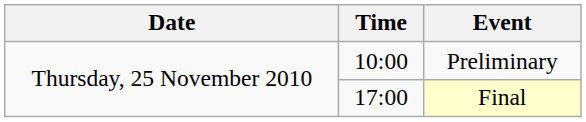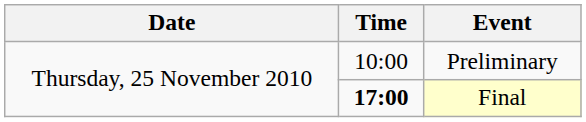 <table class = "wikitable" style="text-align:center;">
 <tr>
 <th width=220>Date</th>
 <th width=50>Time</th>
 <th width=100>Event</th>
 </tr>
 <tr>
 <td rowspan=2>Thursday, 25 November 2010</td>
 <td>10:00</td>
 <td>Preliminary</td>
 </tr>
 <tr>
-<td>17:00</td>
+<td><strong>17:00</strong></td>
 <td bgcolor=ffffcc>Final</td>
 </tr>
 </table>
